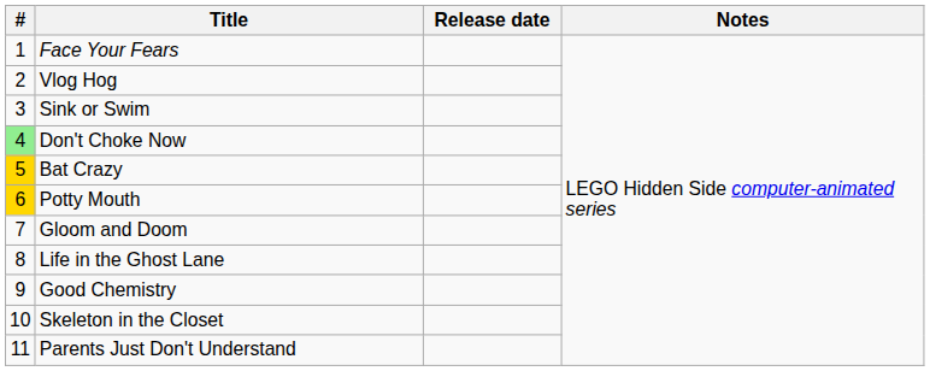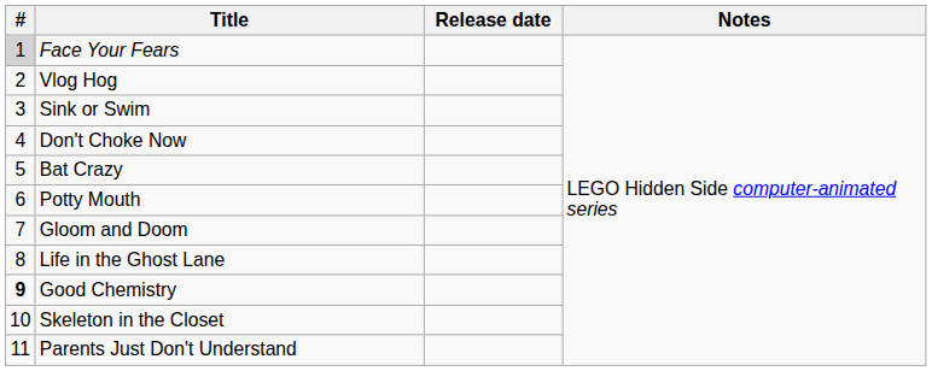 <table class="wikitable sortable">
 <tr>
 <th width=10>#</th>
 <th width=321>Title</th>
 <th width=110>Release date</th>
 <th width=300>Notes</th>
 </tr>
 <tr>
-<td align="center">1</td>
+<td align="center" style="background: lightgrey;">1</td>
 <td><em>Face Your Fears<strong></td>
 <td align="right"></td>
 <td rowspan="11"></em>LEGO Hidden Side<em> <a href='#'>computer-animated</a> series</td>
 </tr>
 <tr>
 <td align="center">2</td>
 <td></em>Vlog Hog<em></td>
 <td align="right"></td>
 </tr>
 <tr>
 <td align="center">3</td>
 <td></em>Sink or Swim<em></td>
 <td align="right"></td>
 </tr>
 <tr>
-<td align="center" style="background: lightgreen;">4</td>
+<td align="center">4</td>
 <td></em>Don't Choke Now<em></td>
 <td align="right"></td>
 </tr>
 <tr>
-<td align="center" style="background: gold;">5</td>
+<td align="center">5</td>
 <td></em>Bat Crazy<em></td>
 <td align="right"></td>
 </tr>
 <tr>
-<td align="center" style="background: gold;">6</td>
+<td align="center">6</td>
 <td></em>Potty Mouth<em></td>
 <td align="right"></td>
 </tr>
 <tr>
 <td align="center">7</td>
 <td></em>Gloom and Doom<em></td>
 <td align="right"></td>
 </tr>
 <tr>
 <td align="center">8</td>
 <td></em>Life in the Ghost Lane<em></td>
 <td align="right"></td>
 </tr>
 <tr>
-<td align="center">9</td>
+<td align="center"><strong>9</strong></td>
 <td></em>Good Chemistry<em></td>
 <td align="right"></td>
 </tr>
 <tr>
 <td align="center">10</td>
 <td></em>Skeleton in the Closet<em></td>
 <td align="right"></td>
 </tr>
 <tr>
 <td align="center">11</td>
 <td></em>Parents Just Don't Understand<em></td>
 <td align="right"></td>
 </tr>
 </table>
